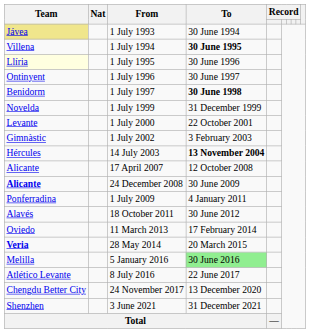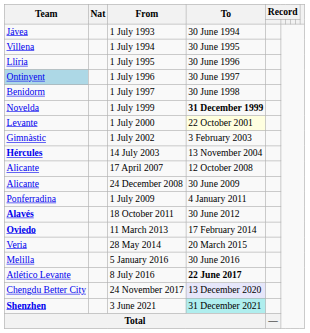 <table class="wikitable" style="text-align: center">
 <tr>
 <th rowspan="2">Team</th>
 <th rowspan="2">Nat</th>
 <th rowspan="2">From</th>
 <th rowspan="2">To</th>
 <th colspan="5">Record</th>
 <th rowspan=2></th>
 </tr>
 <tr>
 <th></th>
 <th></th>
 <th></th>
 <th></th>
 <th></th>
 </tr>
 <tr>
-<td align=left style="background: khaki;"><a href='#'>Jávea</a></td>
+<td align=left><a href='#'>Jávea</a></td>
 <td></td>
 <td align=left>1 July 1993</td>
 <td align=left>30 June 1994<br></td>
 <td></td>
 </tr>
 <tr>
 <td align=left><a href='#'>Villena</a></td>
 <td></td>
 <td align=left>1 July 1994</td>
-<td align=left><strong>30 June 1995<br></strong></td>
+<td align=left>30 June 1995<br></td>
 <td></td>
 </tr>
 <tr>
-<td align=left style="background: lightyellow;"><a href='#'>Llíria</a></td>
+<td align=left><a href='#'>Llíria</a></td>
 <td></td>
 <td align=left>1 July 1995</td>
 <td align=left>30 June 1996<br></td>
 <td></td>
 </tr>
 <tr>
-<td align=left><a href='#'>Ontinyent</a></td>
+<td align=left style="background: lightblue;"><a href='#'>Ontinyent</a></td>
 <td></td>
 <td align=left>1 July 1996</td>
 <td align=left>30 June 1997<br></td>
 <td></td>
 </tr>
 <tr>
 <td align=left><a href='#'>Benidorm</a></td>
 <td></td>
 <td align=left>1 July 1997</td>
-<td align=left><strong>30 June 1998<br></strong></td>
+<td align=left>30 June 1998<br></td>
 <td></td>
 </tr>
 <tr>
 <td align=left><a href='#'>Novelda</a></td>
 <td></td>
 <td align=left>1 July 1999</td>
-<td align=left>31 December 1999<br></td>
+<td align=left><strong>31 December 1999<br></strong></td>
 <td></td>
 </tr>
 <tr>
 <td align=left><a href='#'>Levante</a></td>
 <td></td>
 <td align=left>1 July 2000</td>
-<td align=left>22 October 2001<br></td>
+<td align=left style="background: lightyellow;">22 October 2001<br></td>
 <td></td>
 </tr>
 <tr>
 <td align=left><a href='#'>Gimnàstic</a></td>
 <td></td>
 <td align=left>1 July 2002</td>
 <td align=left>3 February 2003<br></td>
 <td></td>
 </tr>
 <tr>
-<td align=left><a href='#'>Hércules</a></td>
+<td align=left><strong><a href='#'>Hércules</a></strong></td>
 <td></td>
 <td align=left>14 July 2003</td>
-<td align=left><strong>13 November 2004<br></strong></td>
+<td align=left>13 November 2004<br></td>
 <td></td>
 </tr>
 <tr>
 <td align=left><a href='#'>Alicante</a></td>
 <td></td>
 <td align=left>17 April 2007</td>
 <td align=left>12 October 2008<br></td>
 <td></td>
 </tr>
 <tr>
-<td align=left><strong><a href='#'>Alicante</a></strong></td>
+<td align=left><a href='#'>Alicante</a></td>
 <td></td>
 <td align=left>24 December 2008</td>
 <td align=left>30 June 2009<br></td>
 <td></td>
 </tr>
 <tr>
 <td align=left><a href='#'>Ponferradina</a></td>
 <td></td>
 <td align=left>1 July 2009</td>
 <td align=left>4 January 2011<br></td>
 <td></td>
 </tr>
 <tr>
-<td align=left><a href='#'>Alavés</a></td>
+<td align=left><strong><a href='#'>Alavés</a></strong></td>
 <td></td>
 <td align=left>18 October 2011</td>
 <td align=left>30 June 2012<br></td>
 <td></td>
 </tr>
 <tr>
-<td align=left><a href='#'>Oviedo</a></td>
+<td align=left><strong><a href='#'>Oviedo</a></strong></td>
 <td></td>
 <td align=left>11 March 2013</td>
 <td align=left>17 February 2014<br></td>
 <td></td>
 </tr>
 <tr>
-<td align=left><strong><a href='#'>Veria</a></strong></td>
+<td align=left><a href='#'>Veria</a></td>
 <td></td>
 <td align=left>28 May 2014</td>
 <td align=left>20 March 2015<br></td>
 <td></td>
 </tr>
 <tr>
 <td align=left><a href='#'>Melilla</a></td>
 <td></td>
 <td align=left>5 January 2016</td>
-<td align=left style="background: lightgreen;">30 June 2016<br></td>
+<td align=left>30 June 2016<br></td>
 <td></td>
 </tr>
 <tr>
 <td align=left><a href='#'>Atlético Levante</a></td>
 <td></td>
 <td align=left>8 July 2016</td>
-<td align=left>22 June 2017<br></td>
+<td align=left><strong>22 June 2017<br></strong></td>
 <td></td>
 </tr>
 <tr>
 <td align=left><a href='#'>Chengdu Better City</a></td>
 <td></td>
 <td align=left>24 November 2017</td>
-<td align=left>13 December 2020<br></td>
+<td align=left style="background: lavender;">13 December 2020<br></td>
 <td></td>
 </tr>
 <tr>
-<td align=left><a href='#'>Shenzhen</a></td>
+<td align=left><strong><a href='#'>Shenzhen</a></strong></td>
 <td></td>
 <td align=left>3 June 2021</td>
-<td align=left>31 December 2021<br></td>
+<td align=left style="background: paleturquoise;">31 December 2021<br></td>
 <td></td>
 </tr>
 <tr>
 <th colspan="4">Total<br></th>
 <th>—</th>
 </tr>
 </table>
